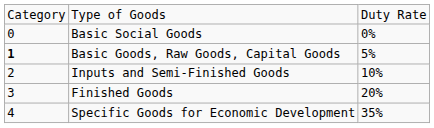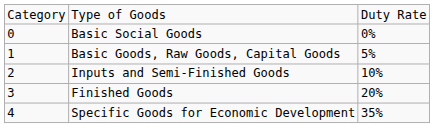 <table class="wikitable">
 <tr>
 <td>Category</td>
 <td>Type of Goods</td>
 <td>Duty Rate</td>
 </tr>
 <tr>
 <td>0</td>
 <td>Basic Social Goods</td>
 <td>0%</td>
 </tr>
 <tr>
-<td><strong>1</strong></td>
+<td>1</td>
 <td>Basic Goods, Raw Goods, Capital  Goods</td>
 <td>5%</td>
 </tr>
 <tr>
 <td>2</td>
 <td>Inputs and Semi-Finished Goods</td>
 <td>10%</td>
 </tr>
 <tr>
 <td>3</td>
 <td>Finished Goods</td>
 <td>20%</td>
 </tr>
 <tr>
 <td>4</td>
 <td>Specific Goods for Economic  Development</td>
 <td>35%</td>
 </tr>
 </table>
